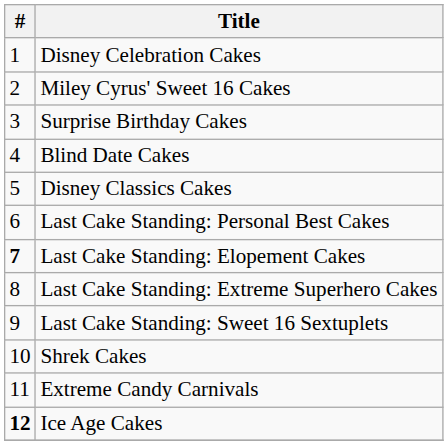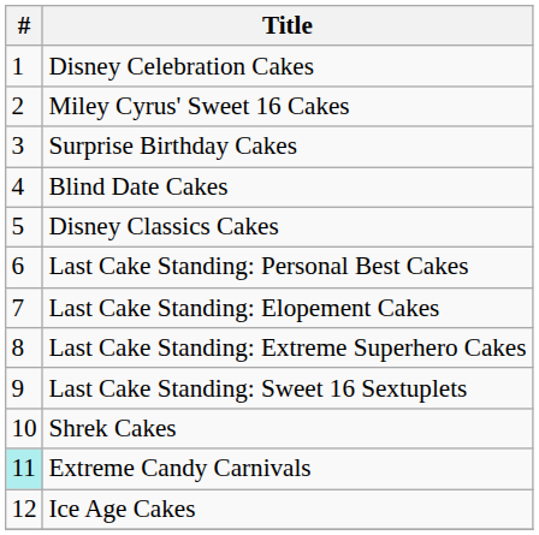 <table class="wikitable">
 <tr>
 <th>#</th>
 <th>Title</th>
 </tr>
 <tr>
 <td>1</td>
 <td>Disney Celebration Cakes</td>
 </tr>
 <tr>
 <td>2</td>
 <td>Miley Cyrus' Sweet 16 Cakes</td>
 </tr>
 <tr>
 <td>3</td>
 <td>Surprise Birthday Cakes</td>
 </tr>
 <tr>
 <td>4</td>
 <td>Blind Date Cakes</td>
 </tr>
 <tr>
 <td>5</td>
 <td>Disney Classics Cakes</td>
 </tr>
 <tr>
 <td>6</td>
 <td>Last Cake Standing: Personal Best Cakes</td>
 </tr>
 <tr>
-<td><strong>7</strong></td>
+<td>7</td>
 <td>Last Cake Standing: Elopement Cakes</td>
 </tr>
 <tr>
 <td>8</td>
 <td>Last Cake Standing: Extreme Superhero Cakes</td>
 </tr>
 <tr>
 <td>9</td>
 <td>Last Cake Standing: Sweet 16 Sextuplets</td>
 </tr>
 <tr>
 <td>10</td>
 <td>Shrek Cakes</td>
 </tr>
 <tr>
-<td>11</td>
+<td style="background: paleturquoise;">11</td>
 <td>Extreme Candy Carnivals</td>
 </tr>
 <tr>
-<td><strong>12</strong></td>
+<td>12</td>
 <td>Ice Age Cakes</td>
 </tr>
 <tr>
 </tr>
 </table>
